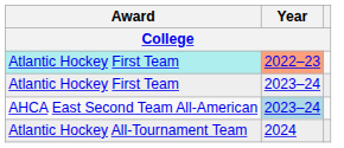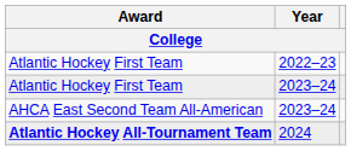 <table class="wikitable">
 <tr>
 <th>Award</th>
 <th>Year</th>
 <th></th>
 </tr>
 <tr>
 <th colspan="3"><a href='#'>College</a></th>
 </tr>
 <tr>
-<td style="background: paleturquoise;"><a href='#'>Atlantic Hockey</a> <a href='#'>First Team</a></td>
-<td style="background: lightsalmon;"><a href='#'>2022–23</a></td>
+<td><a href='#'>Atlantic Hockey</a> <a href='#'>First Team</a></td>
+<td><a href='#'>2022–23</a></td>
 <td></td>
 </tr>
 <tr bgcolor=eeeeee>
 <td><a href='#'>Atlantic Hockey</a> <a href='#'>First Team</a></td>
 <td><a href='#'>2023–24</a></td>
 <td></td>
 </tr>
 <tr>
 <td><a href='#'>AHCA</a> <a href='#'>East Second Team All-American</a></td>
-<td style="background: lightblue;"><a href='#'>2023–24</a></td>
+<td><a href='#'>2023–24</a></td>
 <td></td>
 </tr>
 <tr bgcolor=eeeeee>
-<td><a href='#'>Atlantic Hockey</a> <a href='#'>All-Tournament Team</a></td>
+<td><strong><a href='#'>Atlantic Hockey</a> <a href='#'>All-Tournament Team</a></strong></td>
 <td><a href='#'>2024</a></td>
 <td></td>
 </tr>
 </table>
